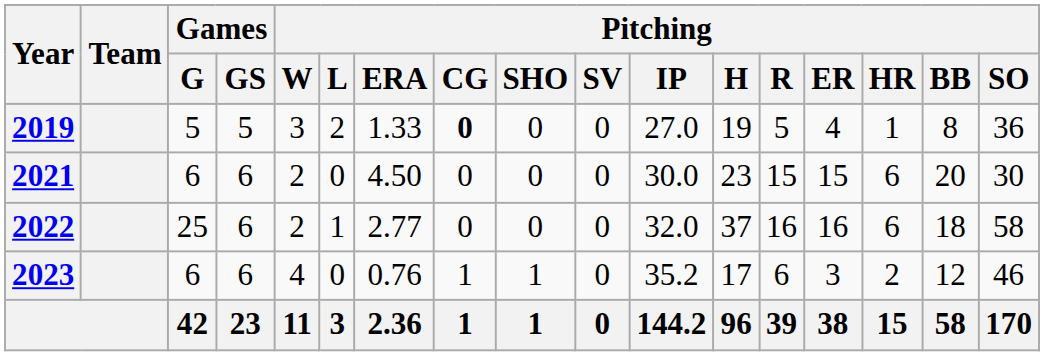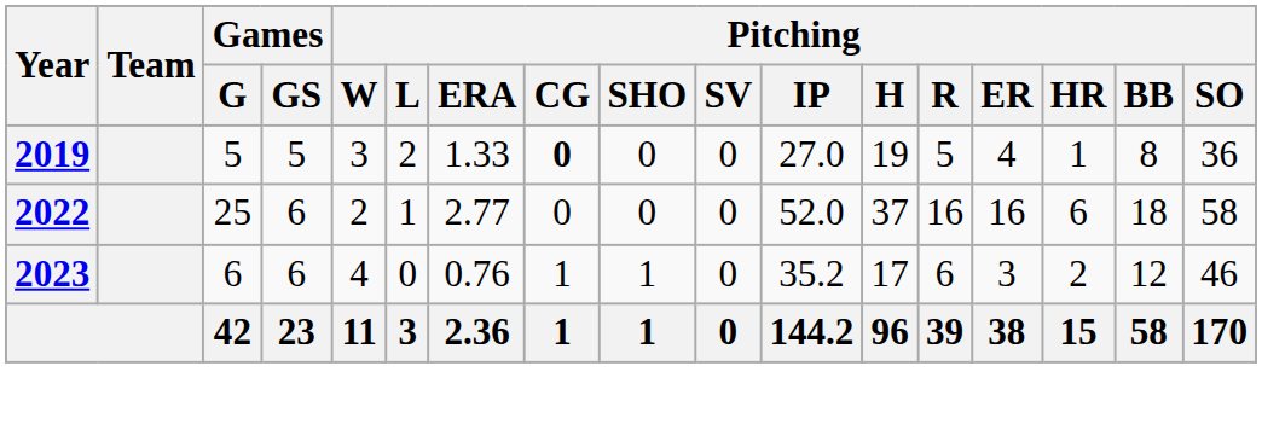 <table class="wikitable" style="text-align:center;">
 <tr>
 <th rowspan="2">Year</th>
 <th rowspan="2">Team</th>
 <th colspan="2">Games</th>
 <th colspan="13">Pitching</th>
 </tr>
 <tr>
 <th>G</th>
 <th>GS</th>
 <th>W</th>
 <th>L</th>
 <th>ERA</th>
 <th>CG</th>
 <th>SHO</th>
 <th>SV</th>
 <th>IP</th>
 <th>H</th>
 <th>R</th>
 <th>ER</th>
 <th>HR</th>
 <th>BB</th>
 <th>SO</th>
 </tr>
 <tr>
 <th><a href='#'>2019</a></th>
 <th><a href='#'></a></th>
 <td>5</td>
 <td>5</td>
 <td>3</td>
 <td>2</td>
 <td>1.33</td>
 <td><strong>0</strong></td>
 <td>0</td>
 <td>0</td>
 <td>27.0</td>
 <td>19</td>
 <td>5</td>
 <td>4</td>
 <td>1</td>
 <td>8</td>
 <td>36</td>
 </tr>
 <tr>
-<th><a href='#'>2021</a></th>
-<th><a href='#'></a></th>
-<td>6</td>
-<td>6</td>
-<td>2</td>
-<td>0</td>
-<td>4.50</td>
-<td>0</td>
-<td>0</td>
-<td>0</td>
-<td>30.0</td>
-<td>23</td>
-<td>15</td>
-<td>15</td>
-<td>6</td>
-<td>20</td>
-<td>30</td>
-</tr>
-<tr>
 <th><a href='#'>2022</a></th>
 <th><a href='#'></a></th>
 <td>25</td>
 <td>6</td>
 <td>2</td>
 <td>1</td>
 <td>2.77</td>
 <td>0</td>
 <td>0</td>
 <td>0</td>
-<td>32.0</td>
+<td>52.0</td>
 <td>37</td>
 <td>16</td>
 <td>16</td>
 <td>6</td>
 <td>18</td>
 <td>58</td>
 </tr>
 <tr>
 <th><a href='#'>2023</a></th>
 <th><a href='#'></a></th>
 <td>6</td>
 <td>6</td>
 <td>4</td>
 <td>0</td>
 <td>0.76</td>
 <td>1</td>
 <td>1</td>
 <td>0</td>
 <td>35.2</td>
 <td>17</td>
 <td>6</td>
 <td>3</td>
 <td>2</td>
 <td>12</td>
 <td>46</td>
 </tr>
 <tr>
 <th align=center colspan="2"></th>
 <th>42</th>
 <th>23</th>
 <th>11</th>
 <th>3</th>
 <th>2.36</th>
 <th>1</th>
 <th>1</th>
 <th>0</th>
 <th>144.2</th>
 <th>96</th>
 <th>39</th>
 <th>38</th>
 <th>15</th>
 <th>58</th>
 <th>170</th>
 </tr>
 </table>
